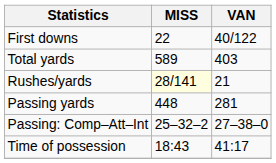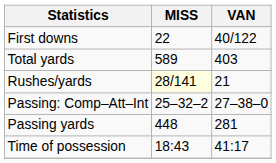 <table class="wikitable" style="float: left;">
 <tr>
 <th>Statistics</th>
 <th>MISS</th>
 <th>VAN</th>
 </tr>
 <tr>
 <td>First downs</td>
 <td>22</td>
 <td>40/122</td>
 </tr>
 <tr>
 <td>Total yards</td>
 <td>589</td>
 <td>403</td>
 </tr>
 <tr>
 <td>Rushes/yards</td>
 <td style="background: lightyellow;">28/141</td>
 <td>21</td>
 </tr>
 <tr>
+<td>Passing: Comp–Att–Int</td>
+<td>25–32–2</td>
+<td>27–38–0</td>
+</tr>
+<tr>
 <td>Passing yards</td>
 <td>448</td>
 <td>281</td>
-</tr>
-<tr>
-<td>Passing: Comp–Att–Int</td>
-<td>25–32–2</td>
-<td>27–38–0</td>
 </tr>
 <tr>
 <td>Time of possession</td>
 <td>18:43</td>
 <td>41:17</td>
 </tr>
 <tr>
 </tr>
 </table>
